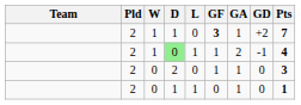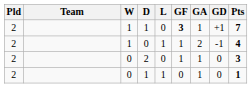 <table class="wikitable" style="text-align:center;">
 <tr>
+<th width=20>Pld</th>
 <th width=150>Team</th>
-<th width=20>Pld</th>
 <th width=20>W</th>
 <th width=20>D</th>
 <th width=20>L</th>
 <th width=20>GF</th>
 <th width=20>GA</th>
 <th width=20>GD</th>
 <th width=20>Pts</th>
 </tr>
 <tr>
+<td>2</td>
 <td align="left"></td>
-<td>2</td>
 <td>1</td>
 <td>1</td>
 <td>0</td>
 <td><strong>3</strong></td>
 <td>1</td>
-<td>+2</td>
+<td>+1</td>
 <td><strong>7</strong></td>
 </tr>
 <tr>
+<td>2</td>
 <td align="left"></td>
-<td>2</td>
 <td>1</td>
-<td style="background: lightgreen;">0</td>
+<td>0</td>
 <td>1</td>
 <td>1</td>
 <td>2</td>
 <td>-1</td>
 <td><strong>4</strong></td>
 </tr>
 <tr>
+<td>2</td>
 <td align="left"></td>
-<td>2</td>
 <td>0</td>
 <td>2</td>
 <td>0</td>
 <td>1</td>
 <td>1</td>
 <td>0</td>
 <td><strong>3</strong></td>
 </tr>
 <tr>
+<td>2</td>
 <td align="left"></td>
-<td>2</td>
 <td>0</td>
 <td>1</td>
 <td>1</td>
 <td>0</td>
 <td>1</td>
 <td>0</td>
 <td><strong>1</strong></td>
 </tr>
 </table>
